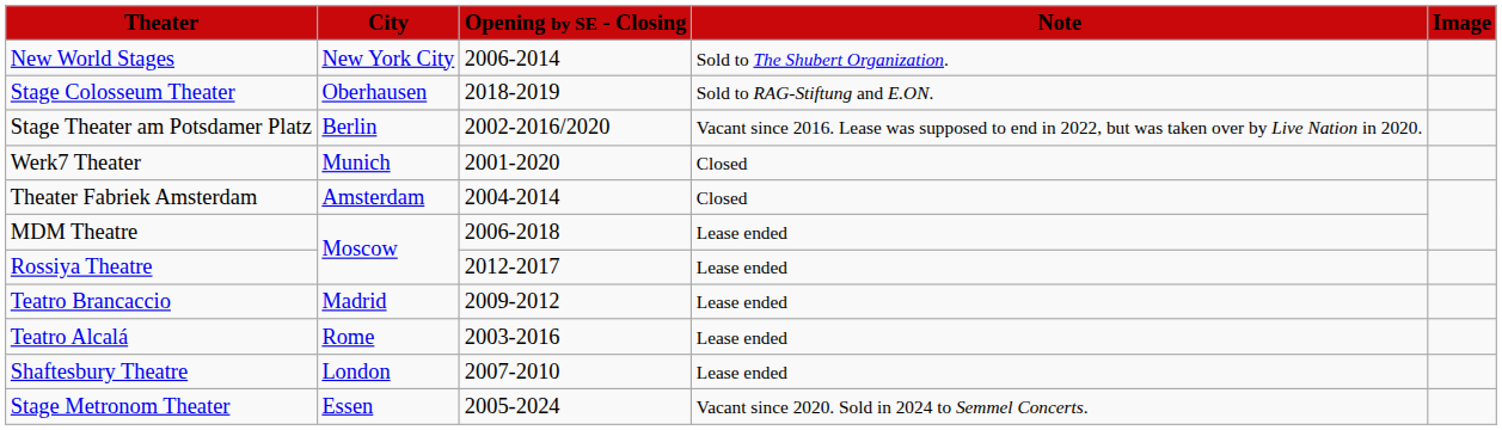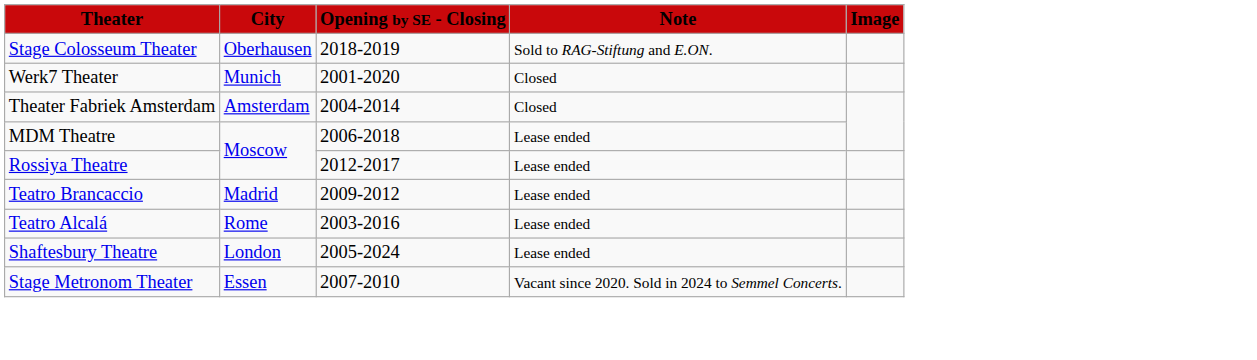 <table class="wikitable sortable mw-collapsible mw-collapsed">
 <tr>
 <th style="background:#C9080B">Theater</th>
 <th style="background:#C9080B">City</th>
 <th style="background:#C9080B">Opening <small>by SE</small> - Closing</th>
 <th style="background:#C9080B">Note</th>
 <th style="background:#C9080B">Image</th>
 </tr>
 <tr>
-<td><a href='#'>New World Stages</a></td>
-<td><a href='#'>New York City</a></td>
-<td>2006-2014</td>
-<td><small>Sold to <em><a href='#'>The Shubert Organization</a></em>.</small></td>
-<td></td>
-</tr>
-<tr>
 <td><a href='#'>Stage Colosseum Theater</a></td>
 <td><a href='#'>Oberhausen</a></td>
 <td>2018-2019</td>
 <td><small>Sold to <em>RAG-Stiftung</em> and <em>E.ON</em>.</small></td>
-<td></td>
-</tr>
-<tr>
-<td>Stage Theater am Potsdamer Platz</td>
-<td><a href='#'>Berlin</a></td>
-<td>2002-2016/2020</td>
-<td><small>Vacant since 2016. Lease was supposed to end in 2022, but was taken over by <em>Live Nation</em> in 2020.</small></td>
 <td></td>
 </tr>
 <tr>
 <td>Werk7 Theater</td>
 <td><a href='#'>Munich</a></td>
 <td>2001-2020</td>
 <td><small>Closed</small></td>
 <td></td>
 </tr>
 <tr>
 <td>Theater Fabriek Amsterdam</td>
 <td><a href='#'>Amsterdam</a></td>
 <td>2004-2014</td>
 <td><small>Closed</small></td>
 <td rowspan="2"></td>
 </tr>
 <tr>
 <td>MDM Theatre</td>
 <td rowspan="2"><a href='#'>Moscow</a></td>
 <td>2006-2018</td>
 <td><small>Lease ended</small></td>
 </tr>
 <tr>
 <td><a href='#'>Rossiya Theatre</a></td>
 <td>2012-2017</td>
 <td><small>Lease ended</small></td>
 <td></td>
 </tr>
 <tr>
 <td><a href='#'>Teatro Brancaccio</a></td>
 <td><a href='#'>Madrid</a></td>
 <td>2009-2012</td>
 <td><small>Lease ended</small></td>
 <td></td>
 </tr>
 <tr>
 <td><a href='#'>Teatro Alcalá</a></td>
 <td><a href='#'>Rome</a></td>
 <td>2003-2016</td>
 <td><small>Lease ended</small></td>
 <td></td>
 </tr>
 <tr>
 <td><a href='#'>Shaftesbury Theatre</a></td>
 <td><a href='#'>London</a></td>
-<td>2007-2010</td>
+<td>2005-2024</td>
 <td><small>Lease ended</small></td>
 <td></td>
 </tr>
 <tr>
 <td><a href='#'>Stage Metronom Theater</a></td>
 <td><a href='#'>Essen</a></td>
-<td>2005-2024</td>
+<td>2007-2010</td>
 <td><small>Vacant since 2020. Sold in 2024 to <em>Semmel Concerts</em>.</small></td>
 <td></td>
 </tr>
 </table>
